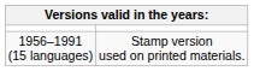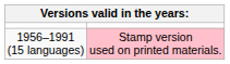 <table class="wikitable" style="margin:0.3em auto">
 <tr>
 <th class="hintergrundfarbe8" colspan="3">Versions valid in the years:</th>
 </tr>
 <tr align="center" bgcolor="#FFFFFF">
 <td></td>
 <td></td>
 </tr>
 <tr class="hintergrundfarbe8" align="center">
 <td>1956–1991<br>(15 languages)</td>
-<td>Stamp version<br>used on printed materials.</td>
+<td style="background: pink;">Stamp version<br>used on printed materials.</td>
 </tr>
 </table>
